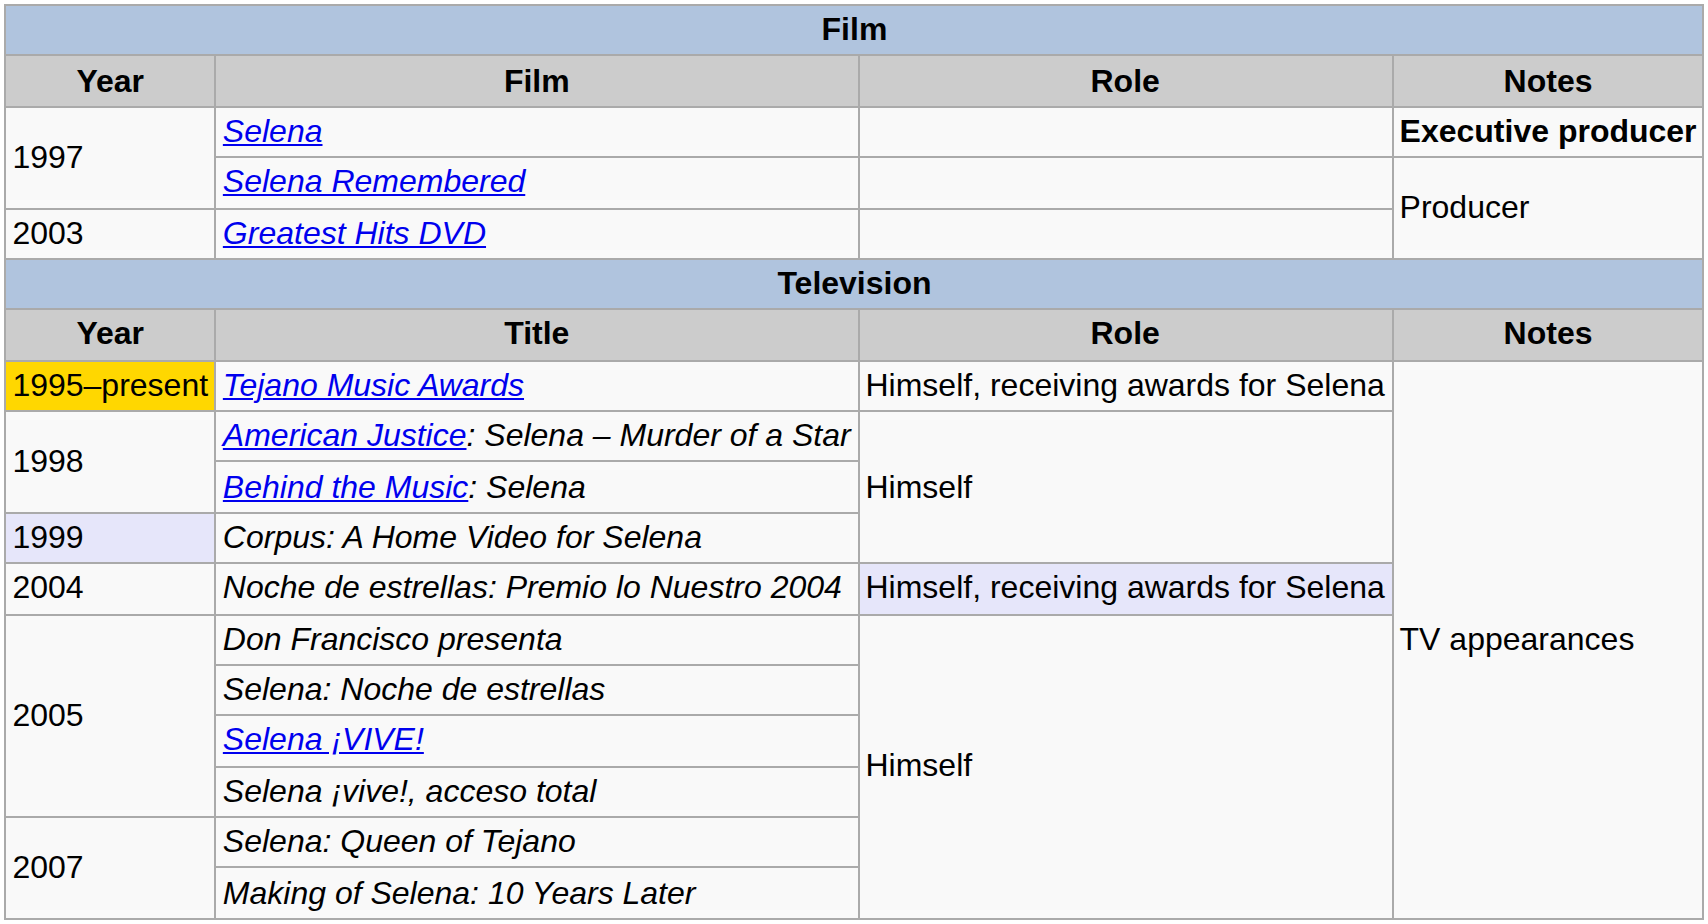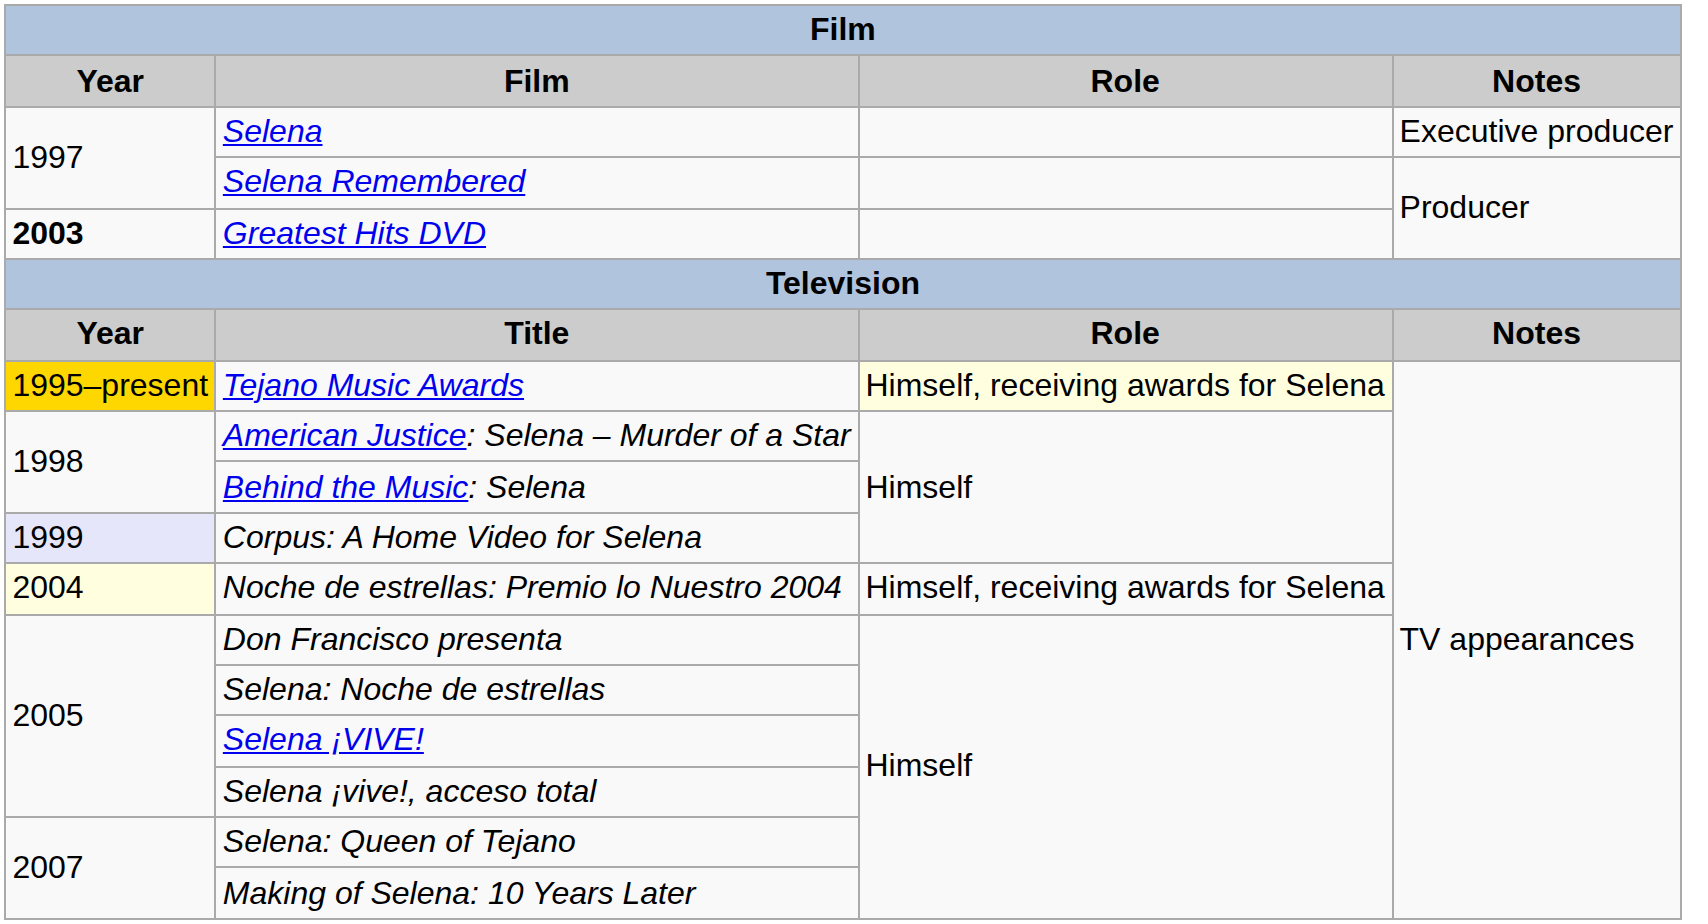 <table class="wikitable" ;>
 <tr style="text-align:center;">
 <th colspan=4 style="background:#b0c4de;">Film</th>
 </tr>
 <tr style="text-align:center;">
 <th style="background:#ccc;">Year</th>
 <th style="background:#ccc;">Film</th>
 <th style="background:#ccc;">Role</th>
 <th style="background:#ccc;">Notes</th>
 </tr>
 <tr>
 <td rowspan="2">1997</td>
 <td><em><a href='#'>Selena</a></em></td>
 <td></td>
-<td><strong>Executive producer</strong></td>
+<td>Executive producer</td>
 </tr>
 <tr>
 <td><em><a href='#'>Selena Remembered</a></em></td>
 <td></td>
 <td rowspan="2">Producer</td>
 </tr>
 <tr>
-<td>2003</td>
+<td><strong>2003</strong></td>
 <td><em><a href='#'>Greatest Hits DVD</a></em></td>
 <td></td>
 </tr>
 <tr>
 </tr>
 <tr style="text-align:center;">
 <th colspan=4 style="background:#b0c4de;">Television</th>
 </tr>
 <tr style="text-align:center;">
 <th style="background:#ccc;">Year</th>
 <th style="background:#ccc;">Title</th>
 <th style="background:#ccc;">Role</th>
 <th style="background:#ccc;">Notes</th>
 </tr>
 <tr>
 <td style="background: gold;">1995–present</td>
 <td><em><a href='#'>Tejano Music Awards</a></em></td>
-<td>Himself, receiving awards for Selena</td>
+<td style="background: lightyellow;">Himself, receiving awards for Selena</td>
 <td rowspan="12">TV appearances</td>
 </tr>
 <tr>
 <td rowspan="2">1998</td>
 <td><em><a href='#'>American Justice</a>: Selena – Murder of a Star</em></td>
 <td rowspan="3">Himself</td>
 </tr>
 <tr>
 <td><em><a href='#'>Behind the Music</a>: Selena</em></td>
 </tr>
 <tr>
 <td style="background: lavender;">1999</td>
 <td><em>Corpus: A Home Video for Selena</em></td>
 </tr>
 <tr>
-<td>2004</td>
+<td style="background: lightyellow;">2004</td>
 <td><em>Noche de estrellas: Premio lo Nuestro 2004</em></td>
-<td style="background: lavender;">Himself, receiving awards for Selena</td>
+<td>Himself, receiving awards for Selena</td>
 </tr>
 <tr>
 <td rowspan="4">2005</td>
 <td><em>Don Francisco presenta</em></td>
 <td rowspan="6">Himself</td>
 </tr>
 <tr>
 <td><em>Selena: Noche de estrellas</em></td>
 </tr>
 <tr>
 <td><em><a href='#'>Selena ¡VIVE!</a></em></td>
 </tr>
 <tr>
 <td><em>Selena ¡vive!, acceso total</em></td>
 </tr>
 <tr>
 <td rowspan="2">2007</td>
 <td><em>Selena: Queen of Tejano</em></td>
 </tr>
 <tr>
 <td><em>Making of Selena: 10 Years Later</em></td>
 </tr>
 <tr>
 </tr>
 </table>
